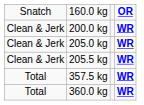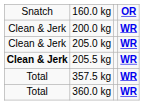 <table class = "wikitable" style="text-align:center;">
 <tr>
 <td>Snatch</td>
 <td>160.0 kg</td>
 <td align=left></td>
 <td><strong><a href='#'>OR</a></strong></td>
 </tr>
 <tr>
 <td>Clean & Jerk</td>
 <td>200.0 kg</td>
 <td align=left></td>
 <td><strong><a href='#'>WR</a></strong></td>
 </tr>
 <tr>
 <td>Clean & Jerk</td>
 <td>205.0 kg</td>
 <td align=left></td>
-<td style="background: lightyellow;"><strong><a href='#'>WR</a></strong></td>
+<td><strong><a href='#'>WR</a></strong></td>
 </tr>
 <tr>
-<td>Clean & Jerk</td>
+<td><strong>Clean & Jerk</strong></td>
 <td>205.5 kg</td>
 <td align=left></td>
 <td><strong><a href='#'>WR</a></strong></td>
 </tr>
 <tr>
 <td>Total</td>
 <td>357.5 kg</td>
 <td align=left></td>
 <td><strong><a href='#'>WR</a></strong></td>
 </tr>
 <tr>
 <td>Total</td>
 <td>360.0 kg</td>
 <td align=left></td>
 <td><strong><a href='#'>WR</a></strong></td>
 </tr>
 </table>
